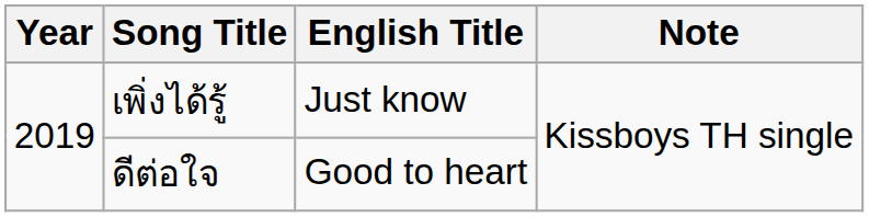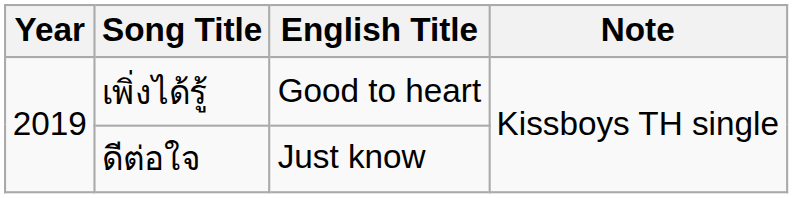 <table class="wikitable plainrowheaders sortable">
 <tr>
 <th scope="col">Year</th>
 <th scope="col">Song Title</th>
 <th scope="col">English Title</th>
 <th scope="col">Note</th>
 </tr>
 <tr>
 <td rowspan="3" style="text-align: center;">2019</td>
 <td>เพิ่งได้รู้</td>
-<td>Just know</td>
+<td>Good to heart</td>
 <td rowspan="2">Kissboys TH single</td>
 </tr>
 <tr>
 <td>ดีต่อใจ</td>
-<td>Good to heart</td>
+<td>Just know</td>
 </tr>
 </table>
